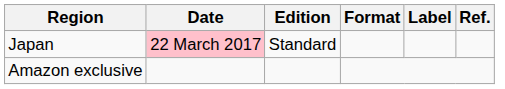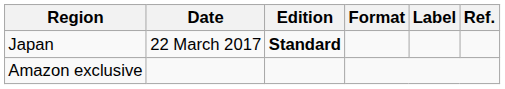 <table class="wikitable plainrowheaders">
 <tr>
 <th scope="col">Region</th>
 <th scope="col">Date</th>
 <th scope="col">Edition</th>
 <th scope="col">Format</th>
 <th scope="col">Label</th>
 <th scope="col">Ref.</th>
 </tr>
 <tr>
 <td rowscope="2">Japan</td>
-<td rowscope="2" style="background: pink;">22 March 2017</td>
-<td>Standard</td>
+<td rowscope="2">22 March 2017</td>
+<td><strong>Standard</strong></td>
 <td></td>
 <td rowscope="2"></td>
 <td></td>
 </tr>
 <tr>
 <td>Amazon exclusive</td>
 <td></td>
 <td></td>
 </tr>
 </table>
